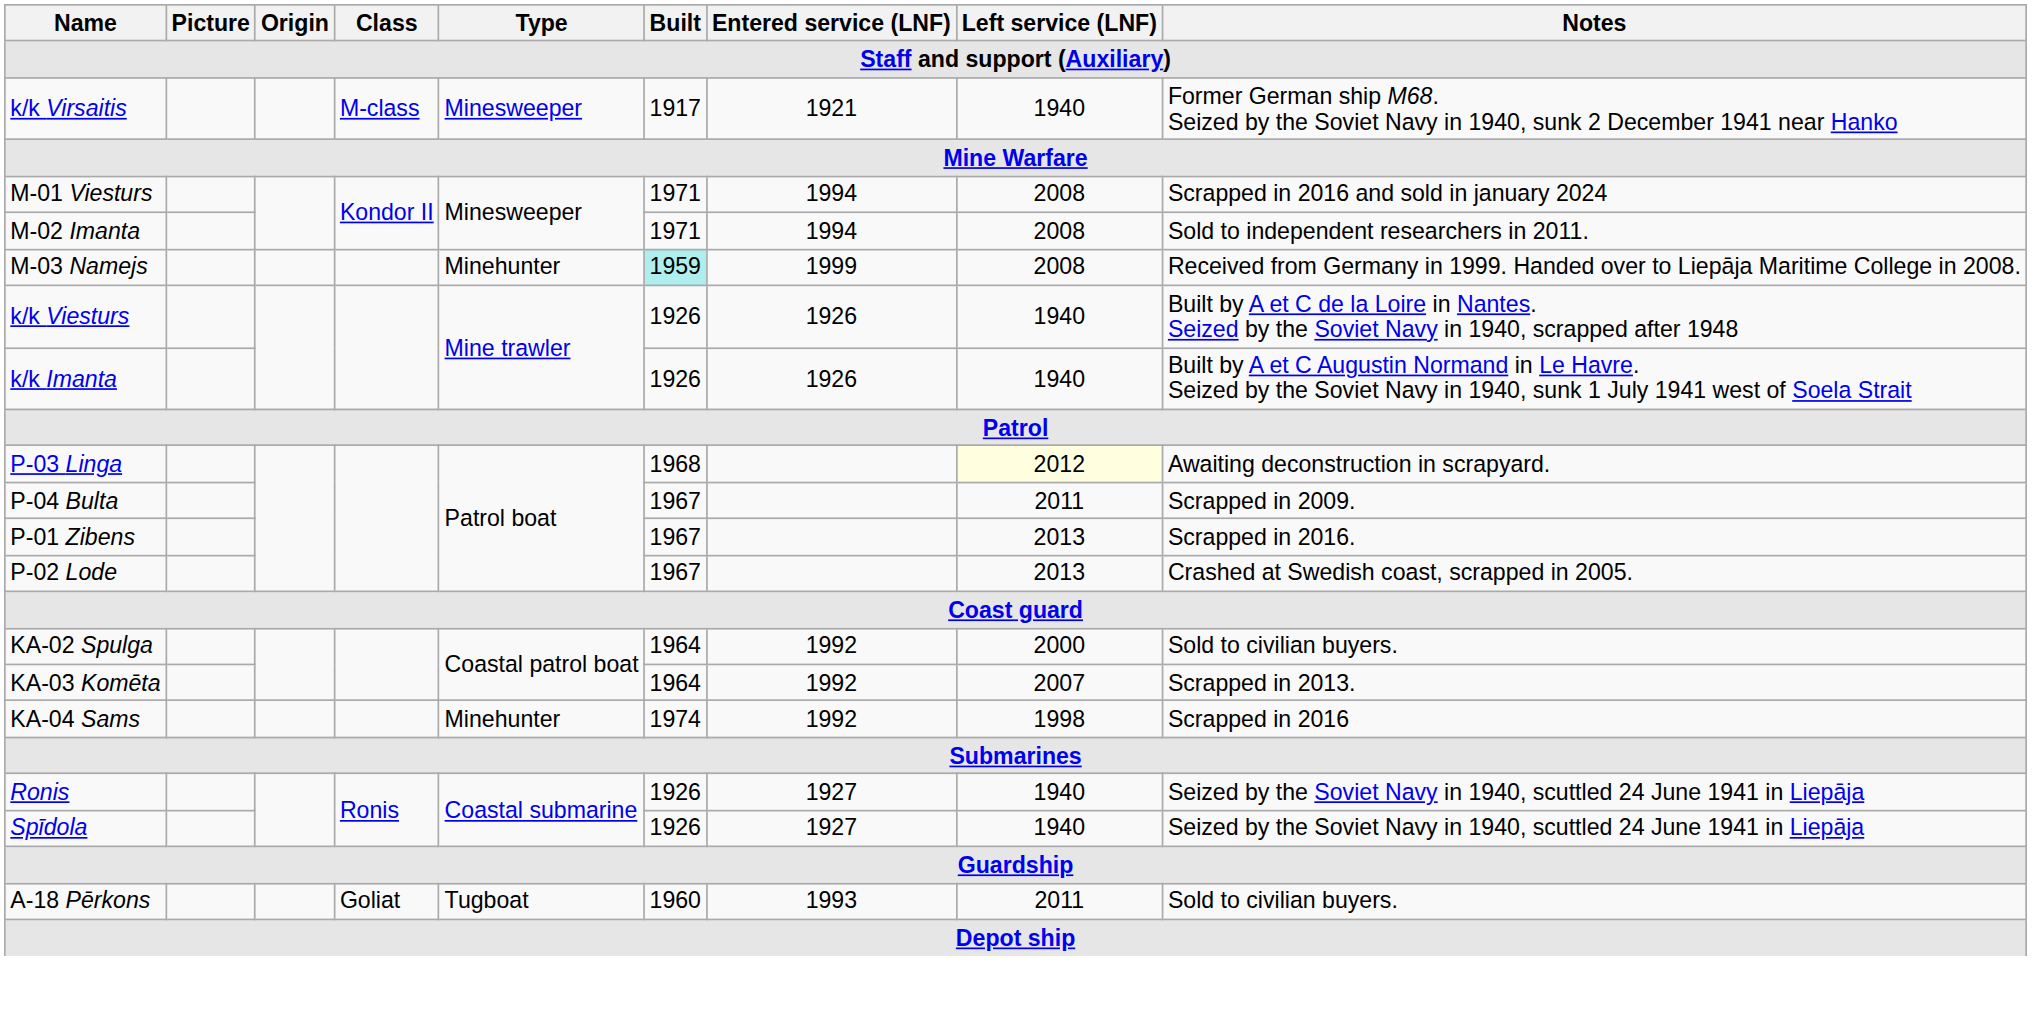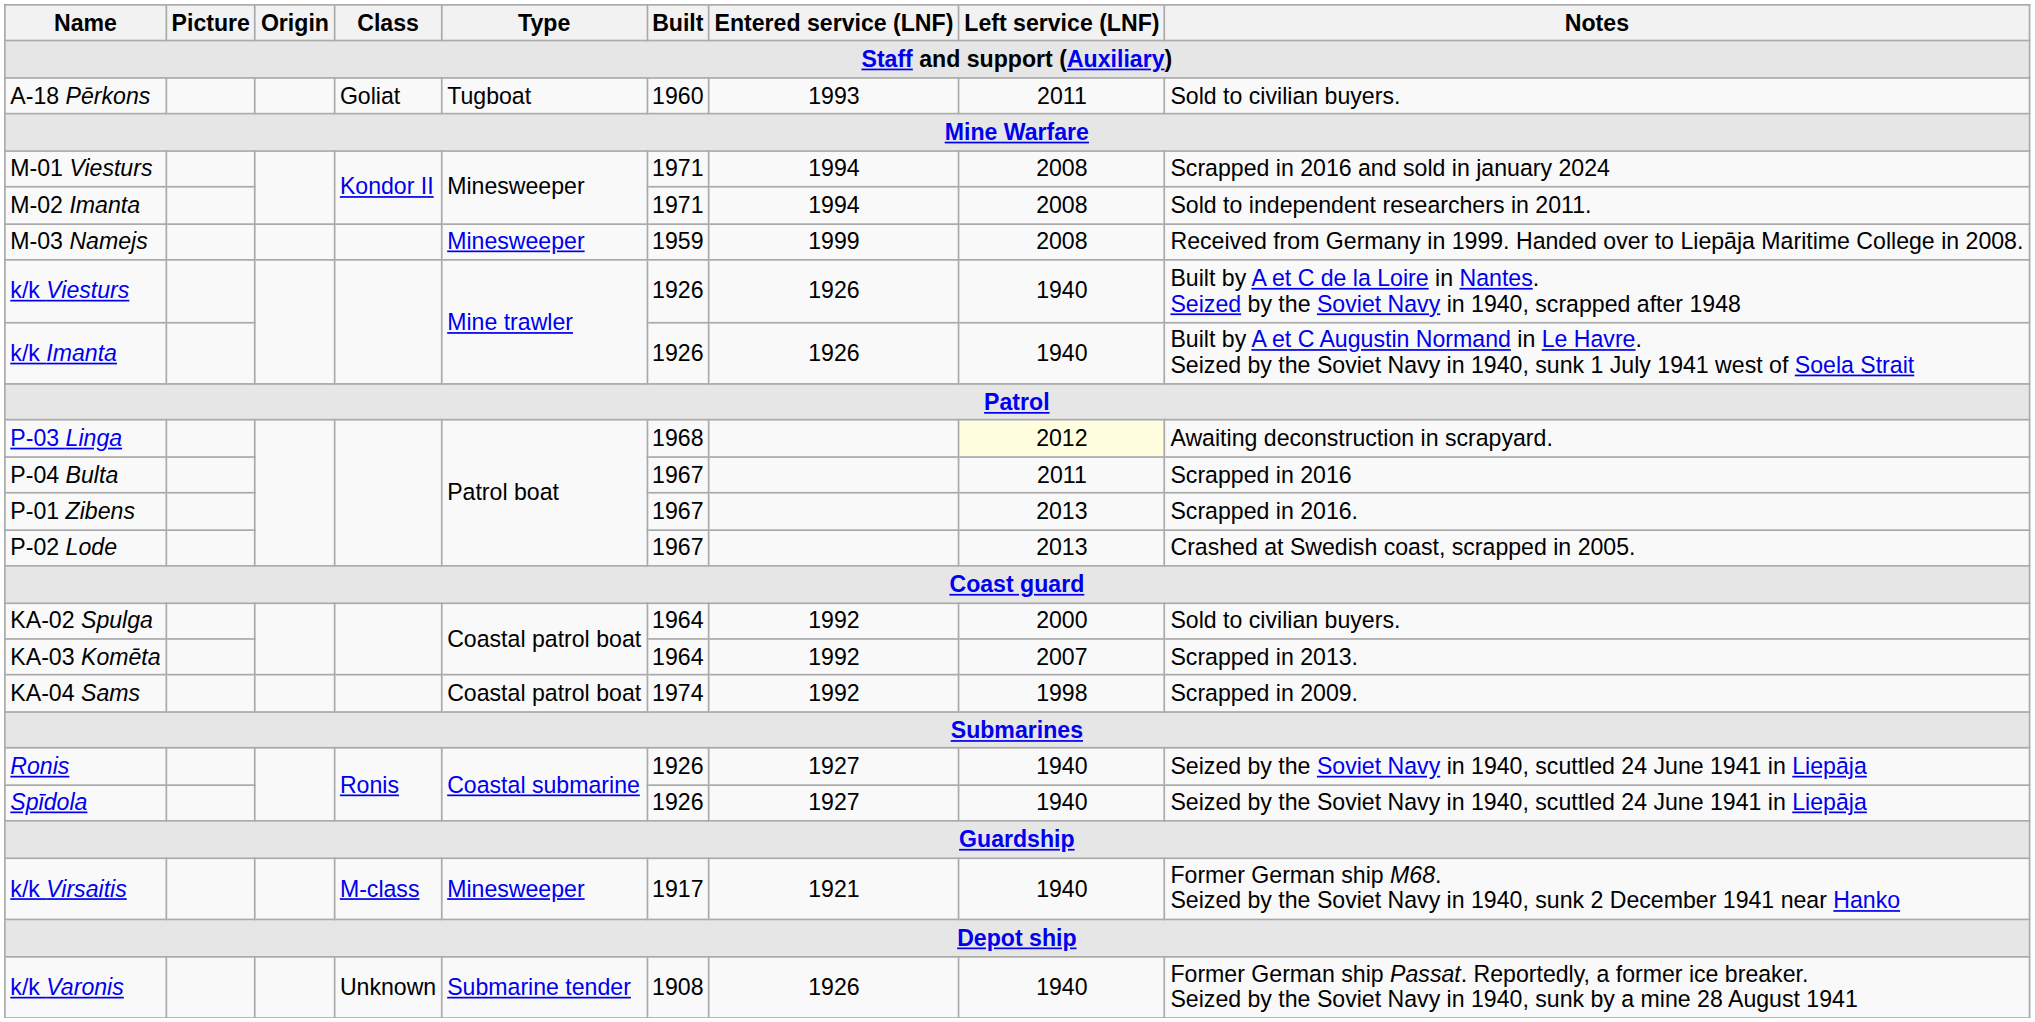 <table class="wikitable unsortable" style="font-size:85%">
 <tr>
 <th>Name</th>
 <th>Picture</th>
 <th>Origin</th>
 <th>Class</th>
 <th>Type</th>
 <th>Built</th>
 <th>Entered service (LNF)</th>
 <th>Left service (LNF)</th>
 <th>Notes</th>
 </tr>
 <tr>
 <th style="align:center;background:#E6E6E6;" colspan="9"><a href='#'>Staff</a> and support (<a href='#'>Auxiliary</a>)</th>
 </tr>
 <tr>
-<td><a href='#'>k/k <em>Virsaitis</em></a></td>
+<td>A-18 <em>Pērkons</em></td>
 <td></td>
 <td></td>
-<td><a href='#'>M-class</a></td>
-<td><a href='#'>Minesweeper</a></td>
-<td align="center">1917</td>
-<td align="center">1921</td>
-<td align="center">1940</td>
-<td>Former German ship <em>M68</em>.<br>Seized by the Soviet Navy in 1940, sunk 2 December 1941 near <a href='#'>Hanko</a></td>
+<td>Goliat</td>
+<td>Tugboat</td>
+<td align="center">1960</td>
+<td align="center">1993</td>
+<td align="center">2011</td>
+<td>Sold to civilian buyers.</td>
 </tr>
 <tr>
 <th style="align:center;background:#E6E6E6;" colspan="9"><a href='#'>Mine Warfare</a></th>
 </tr>
 <tr>
 <td>M-01 <em>Viesturs</em></td>
 <td></td>
 <td rowspan="2"></td>
 <td rowspan="2"><a href='#'>Kondor II</a></td>
 <td rowspan="2">Minesweeper</td>
 <td align="center">1971</td>
 <td align="center">1994</td>
 <td align="center">2008</td>
 <td>Scrapped in 2016 and sold in january 2024</td>
 </tr>
 <tr>
 <td>M-02 <em>Imanta</em></td>
 <td></td>
 <td align="center">1971</td>
 <td align="center">1994</td>
 <td align="center">2008</td>
 <td>Sold to independent researchers in 2011.</td>
 </tr>
 <tr>
 <td>M-03 <em>Namejs</em></td>
 <td></td>
 <td></td>
 <td></td>
-<td>Minehunter</td>
-<td align="center" style="background: paleturquoise;">1959</td>
+<td><a href='#'>Minesweeper</a></td>
+<td align="center">1959</td>
 <td align="center">1999</td>
 <td align="center">2008</td>
 <td>Received from Germany in 1999. Handed over to Liepāja Maritime College in 2008.</td>
 </tr>
 <tr>
 <td><a href='#'>k/k <em>Viesturs</em></a></td>
 <td></td>
 <td rowspan="2"></td>
 <td rowspan="2"></td>
 <td rowspan="2"><a href='#'>Mine trawler</a></td>
 <td align="center">1926</td>
 <td align="center">1926</td>
 <td align="center">1940</td>
 <td>Built by <a href='#'>A et C de la Loire</a> in <a href='#'>Nantes</a>.<br><a href='#'>Seized</a> by the <a href='#'>Soviet Navy</a> in 1940, scrapped after 1948</td>
 </tr>
 <tr>
 <td><a href='#'>k/k <em>Imanta</em></a></td>
 <td></td>
 <td align="center">1926</td>
 <td align="center">1926</td>
 <td align="center">1940</td>
 <td>Built by <a href='#'>A et C Augustin Normand</a> in <a href='#'>Le Havre</a>.<br>Seized by the Soviet Navy in 1940, sunk 1 July 1941 west of <a href='#'>Soela Strait</a></td>
 </tr>
 <tr>
 <th style="align:center;background:#E6E6E6;" colspan="9"><a href='#'>Patrol</a></th>
 </tr>
 <tr>
 <td><a href='#'>P-03 <em>Linga</em></a></td>
 <td></td>
 <td rowspan="4"></td>
 <td rowspan="4"></td>
 <td rowspan="4">Patrol boat</td>
 <td align="center">1968</td>
 <td align="center"></td>
 <td align="center" style="background: lightyellow;">2012</td>
 <td>Awaiting deconstruction in scrapyard.</td>
 </tr>
 <tr>
 <td>P-04 <em>Bulta</em></td>
 <td></td>
 <td align="center">1967</td>
 <td align="center"></td>
 <td align="center">2011</td>
-<td>Scrapped in 2009.</td>
+<td>Scrapped in 2016</td>
 </tr>
 <tr>
 <td>P-01 <em>Zibens</em></td>
 <td></td>
 <td align="center">1967</td>
 <td align="center"></td>
 <td align="center">2013</td>
 <td>Scrapped in 2016.</td>
 </tr>
 <tr>
 <td>P-02 <em>Lode</em></td>
 <td></td>
 <td align="center">1967</td>
 <td align="center"></td>
 <td align="center">2013</td>
 <td>Crashed at Swedish coast, scrapped in 2005.</td>
 </tr>
 <tr>
 <th style="align:center;background:#E6E6E6;" colspan="9"><a href='#'>Coast guard</a></th>
 </tr>
 <tr>
 <td>KA-02 <em>Spulga</em></td>
 <td></td>
 <td rowspan="2"></td>
 <td rowspan="2"></td>
 <td rowspan="2">Coastal patrol boat</td>
 <td align="center">1964</td>
 <td align="center">1992</td>
 <td align="center">2000</td>
 <td>Sold to civilian buyers.</td>
 </tr>
 <tr>
 <td>KA-03 <em>Komēta</em></td>
 <td></td>
 <td align="center">1964</td>
 <td align="center">1992</td>
 <td align="center">2007</td>
 <td>Scrapped in 2013.</td>
 </tr>
 <tr>
 <td>KA-04 <em>Sams</em></td>
 <td></td>
 <td></td>
 <td></td>
-<td>Minehunter</td>
+<td>Coastal patrol boat</td>
 <td align="center">1974</td>
 <td align="center">1992</td>
 <td align="center">1998</td>
-<td>Scrapped in 2016</td>
+<td>Scrapped in 2009.</td>
 </tr>
 <tr>
 <th style="align:center;background:#E6E6E6;" colspan="9"><a href='#'>Submarines</a></th>
 </tr>
 <tr>
 <td><a href='#'><em>Ronis</em></a></td>
 <td></td>
 <td rowspan="2"></td>
 <td rowspan="2"><a href='#'>Ronis</a></td>
 <td rowspan="2"><a href='#'>Coastal submarine</a></td>
 <td align="center">1926</td>
 <td align="center">1927</td>
 <td align="center">1940</td>
 <td>Seized by the <a href='#'>Soviet Navy</a> in 1940, scuttled 24 June 1941 in <a href='#'>Liepāja</a></td>
 </tr>
 <tr>
 <td><a href='#'><em>Spīdola</em></a></td>
 <td></td>
 <td align="center">1926</td>
 <td align="center">1927</td>
 <td align="center">1940</td>
 <td>Seized by the Soviet Navy in 1940, scuttled 24 June 1941 in <a href='#'>Liepāja</a></td>
 </tr>
 <tr>
 <th style="align:center;background:#E6E6E6;" colspan="9"><a href='#'>Guardship</a></th>
 </tr>
 <tr>
-<td>A-18 <em>Pērkons</em></td>
+<td><a href='#'>k/k <em>Virsaitis</em></a></td>
 <td></td>
 <td></td>
-<td>Goliat</td>
-<td>Tugboat</td>
-<td align="center">1960</td>
-<td align="center">1993</td>
-<td align="center">2011</td>
-<td>Sold to civilian buyers.</td>
+<td><a href='#'>M-class</a></td>
+<td><a href='#'>Minesweeper</a></td>
+<td align="center">1917</td>
+<td align="center">1921</td>
+<td align="center">1940</td>
+<td>Former German ship <em>M68</em>.<br>Seized by the Soviet Navy in 1940, sunk 2 December 1941 near <a href='#'>Hanko</a></td>
 </tr>
 <tr>
 <th style="align:center;background:#E6E6E6;" colspan="9"><a href='#'>Depot ship</a></th>
 </tr>
+<tr>
+<td><a href='#'>k/k <em>Varonis</em></a></td>
+<td></td>
+<td></td>
+<td>Unknown</td>
+<td><a href='#'>Submarine tender</a></td>
+<td align="center">1908</td>
+<td align="center">1926</td>
+<td align="center">1940</td>
+<td>Former German ship <em>Passat</em>. Reportedly, a former ice breaker.<br>Seized by the Soviet Navy in 1940, sunk by a mine 28 August 1941</td>
+</tr>
 </table>
